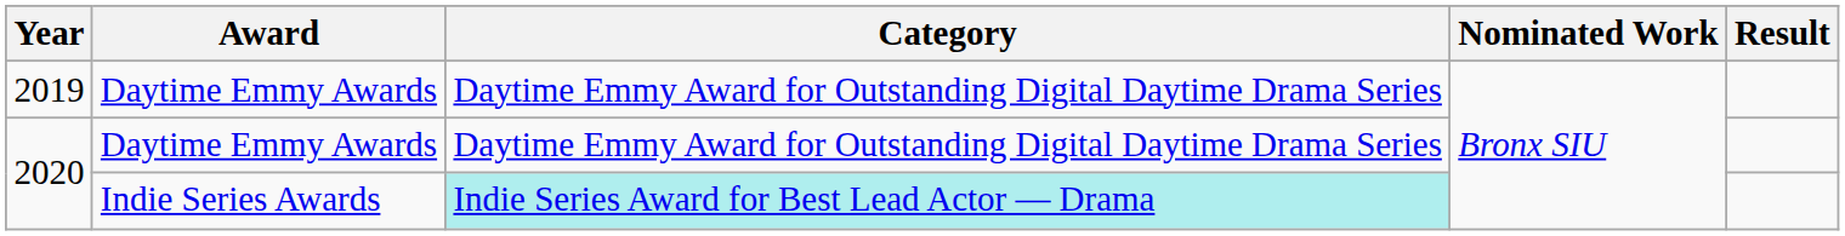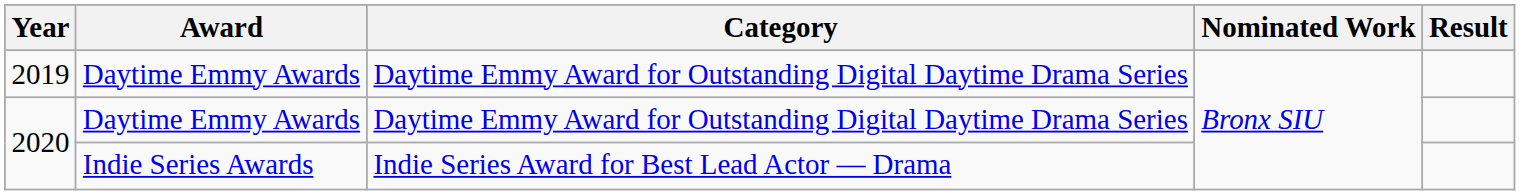 <table class="wikitable">
 <tr style="text-align:center;">
 <th>Year</th>
 <th>Award</th>
 <th>Category</th>
 <th>Nominated Work</th>
 <th>Result</th>
 </tr>
 <tr>
 <td>2019</td>
 <td><a href='#'>Daytime Emmy Awards</a></td>
 <td><a href='#'>Daytime Emmy Award for Outstanding Digital Daytime Drama Series</a></td>
 <td rowspan="3"><em><a href='#'>Bronx SIU</a></em></td>
 <td></td>
 </tr>
 <tr>
 <td rowspan="2">2020</td>
 <td><a href='#'>Daytime Emmy Awards</a></td>
 <td><a href='#'>Daytime Emmy Award for Outstanding Digital Daytime Drama Series</a></td>
 <td></td>
 </tr>
 <tr>
 <td><a href='#'>Indie Series Awards</a></td>
-<td style="background: paleturquoise;"><a href='#'>Indie Series Award for Best Lead Actor — Drama</a></td>
+<td><a href='#'>Indie Series Award for Best Lead Actor — Drama</a></td>
 <td></td>
 </tr>
 </table>
